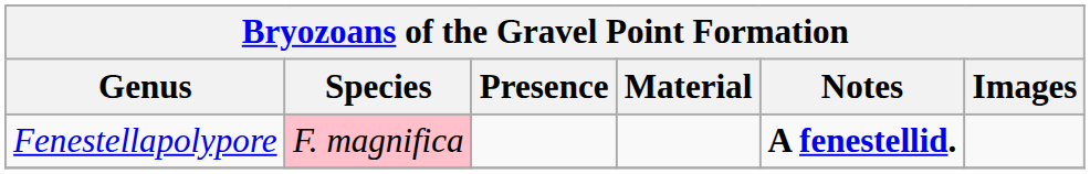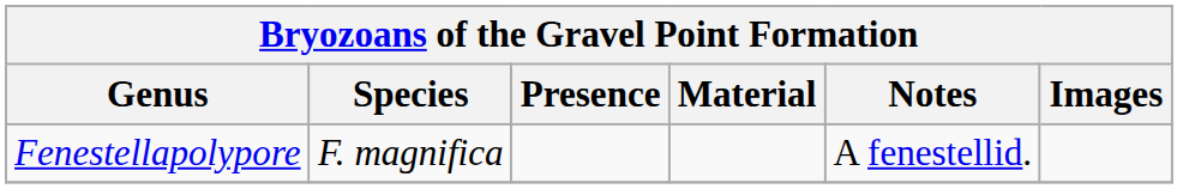 <table class="wikitable" align="center">
 <tr>
 <th colspan="6" align="center"><strong><a href='#'>Bryozoans</a> of the Gravel Point Formation</strong></th>
 </tr>
 <tr>
 <th>Genus</th>
 <th>Species</th>
 <th>Presence</th>
 <th><strong>Material</strong></th>
 <th>Notes</th>
 <th>Images</th>
 </tr>
 <tr>
 <td><em><a href='#'>Fenestellapolypore</a></em></td>
-<td style="background: pink;"><em>F. magnifica</em></td>
+<td><em>F. magnifica</em></td>
 <td></td>
 <td></td>
-<td><strong>A <a href='#'>fenestellid</a>.</strong></td>
+<td>A <a href='#'>fenestellid</a>.</td>
 <td></td>
 </tr>
 <tr>
 </tr>
 </table>
